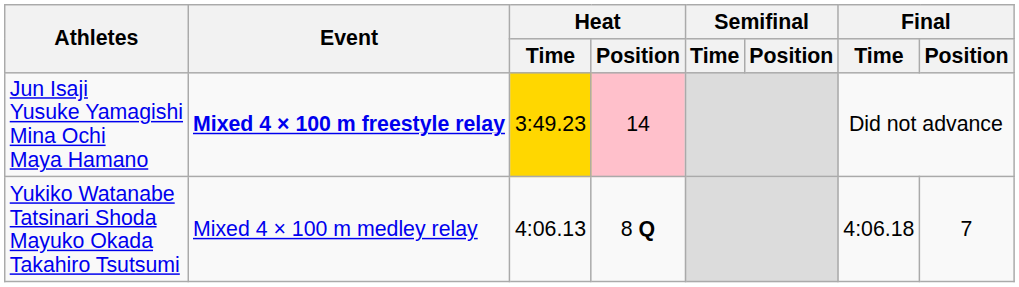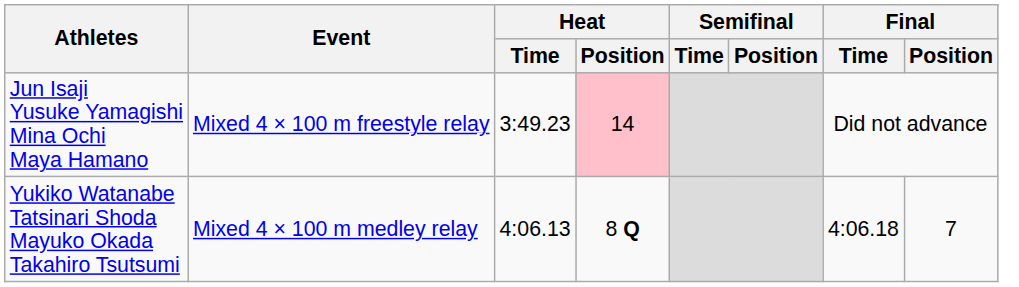 <table class="wikitable" border="1" style="font-size:90%">
 <tr>
 <th rowspan=2>Athletes</th>
 <th rowspan=2>Event</th>
 <th colspan=2>Heat</th>
 <th colspan=2>Semifinal</th>
 <th colspan=2>Final</th>
 </tr>
 <tr>
 <th>Time</th>
 <th>Position</th>
 <th>Time</th>
 <th>Position</th>
 <th>Time</th>
 <th>Position</th>
 </tr>
 <tr>
 <td><a href='#'>Jun Isaji</a><br><a href='#'>Yusuke Yamagishi</a><br><a href='#'>Mina Ochi</a><br><a href='#'>Maya Hamano</a></td>
-<td><strong><a href='#'>Mixed 4 × 100 m freestyle relay</a></strong></td>
-<td align=center style="background: gold;">3:49.23</td>
+<td><a href='#'>Mixed 4 × 100 m freestyle relay</a></td>
+<td align=center>3:49.23</td>
 <td align=center style="background: pink;">14</td>
 <td colspan=2 bgcolor=#DCDCDC></td>
 <td colspan="2" align=center>Did not advance</td>
 </tr>
 <tr>
 <td><a href='#'>Yukiko Watanabe</a><br><a href='#'>Tatsinari Shoda</a><br><a href='#'>Mayuko Okada</a><br><a href='#'>Takahiro Tsutsumi</a></td>
 <td><a href='#'>Mixed 4 × 100 m medley relay</a></td>
 <td align=center>4:06.13</td>
 <td align=center>8 <strong>Q</strong></td>
 <td colspan=2 bgcolor=#DCDCDC></td>
 <td align=center>4:06.18</td>
 <td align=center>7</td>
 </tr>
 </table>
